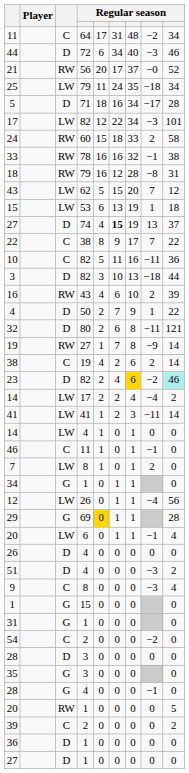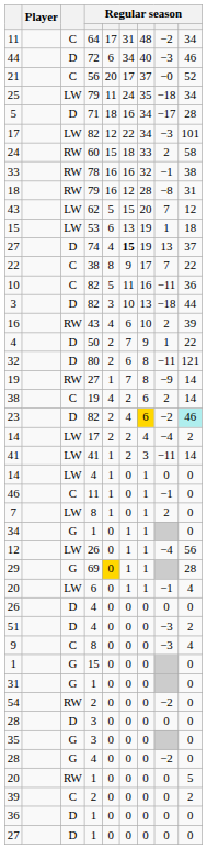 <table class="wikitable sortable plainrowheaders" style="text-align:center;">
 <tr>
 <th scope="col" data-sort-type="number" rowspan="2"></th>
 <th scope="col" rowspan="2">Player</th>
 <th scope="col" rowspan="2"></th>
 <th scope=colgroup colspan=6>Regular season</th>
 </tr>
 <tr>
 <th scope="col" data-sort-type="number"></th>
 <th scope="col" data-sort-type="number"></th>
 <th scope="col" data-sort-type="number"></th>
 <th scope="col" data-sort-type="number"></th>
 <th scope="col" data-sort-type="number"></th>
 <th scope="col" data-sort-type="number"></th>
 </tr>
 <tr>
 <td scope="row">11</td>
 <td align="left"></td>
 <td>C</td>
 <td>64</td>
 <td>17</td>
 <td>31</td>
 <td>48</td>
 <td>−2</td>
 <td>34</td>
 </tr>
 <tr>
 <td scope="row">44</td>
 <td align="left"></td>
 <td>D</td>
 <td>72</td>
 <td>6</td>
 <td>34</td>
 <td>40</td>
 <td>−3</td>
 <td>46</td>
 </tr>
 <tr>
 <td scope="row">21</td>
 <td align="left"></td>
-<td>RW</td>
+<td>C</td>
 <td>56</td>
 <td>20</td>
 <td>17</td>
 <td>37</td>
 <td>−0</td>
 <td>52</td>
 </tr>
 <tr>
 <td scope="row">25</td>
 <td align="left"></td>
 <td>LW</td>
 <td>79</td>
 <td>11</td>
 <td>24</td>
 <td>35</td>
 <td>−18</td>
 <td>34</td>
 </tr>
 <tr>
 <td scope="row">5</td>
 <td align="left"></td>
 <td>D</td>
 <td>71</td>
 <td>18</td>
 <td>16</td>
 <td>34</td>
 <td>−17</td>
 <td>28</td>
 </tr>
 <tr>
 <td scope="row">17</td>
 <td align="left"></td>
 <td>LW</td>
 <td>82</td>
 <td>12</td>
 <td>22</td>
 <td>34</td>
 <td>−3</td>
 <td>101</td>
 </tr>
 <tr>
 <td scope="row">24</td>
 <td align="left"></td>
 <td>RW</td>
 <td>60</td>
 <td>15</td>
 <td>18</td>
 <td>33</td>
 <td>2</td>
 <td>58</td>
 </tr>
 <tr>
 <td scope="row">33</td>
 <td align="left"></td>
 <td>RW</td>
 <td>78</td>
 <td>16</td>
 <td>16</td>
 <td>32</td>
 <td>−1</td>
 <td>38</td>
 </tr>
 <tr>
 <td scope="row">18</td>
 <td align="left"></td>
 <td>RW</td>
 <td>79</td>
 <td>16</td>
 <td>12</td>
 <td>28</td>
 <td>−8</td>
 <td>31</td>
 </tr>
 <tr>
 <td scope="row">43</td>
 <td align="left"></td>
 <td>LW</td>
 <td>62</td>
 <td>5</td>
 <td>15</td>
 <td>20</td>
 <td>7</td>
 <td>12</td>
 </tr>
 <tr>
 <td scope="row">15</td>
 <td align="left"></td>
 <td>LW</td>
 <td>53</td>
 <td>6</td>
 <td>13</td>
 <td>19</td>
 <td>1</td>
 <td>18</td>
 </tr>
 <tr>
 <td scope="row">27</td>
 <td align="left"></td>
 <td>D</td>
 <td>74</td>
 <td>4</td>
 <td><strong>15</strong></td>
 <td>19</td>
 <td>13</td>
 <td>37</td>
 </tr>
 <tr>
 <td scope="row">22</td>
 <td align="left"></td>
 <td>C</td>
 <td>38</td>
 <td>8</td>
 <td>9</td>
 <td>17</td>
 <td>7</td>
 <td>22</td>
 </tr>
 <tr>
 <td scope="row">10</td>
 <td align="left"></td>
 <td>C</td>
 <td>82</td>
 <td>5</td>
 <td>11</td>
 <td>16</td>
 <td>−11</td>
 <td>36</td>
 </tr>
 <tr>
 <td scope="row">3</td>
 <td align="left"></td>
 <td>D</td>
 <td>82</td>
 <td>3</td>
 <td>10</td>
 <td>13</td>
 <td>−18</td>
 <td>44</td>
 </tr>
 <tr>
 <td scope="row">16</td>
 <td align="left"></td>
 <td>RW</td>
 <td>43</td>
 <td>4</td>
 <td>6</td>
 <td>10</td>
 <td>2</td>
 <td>39</td>
 </tr>
 <tr>
 <td scope="row">4</td>
 <td align="left"></td>
 <td>D</td>
 <td>50</td>
 <td>2</td>
 <td>7</td>
 <td>9</td>
 <td>1</td>
 <td>22</td>
 </tr>
 <tr>
 <td scope="row">32</td>
 <td align="left"></td>
 <td>D</td>
 <td>80</td>
 <td>2</td>
 <td>6</td>
 <td>8</td>
 <td>−11</td>
 <td>121</td>
 </tr>
 <tr>
 <td scope="row">19</td>
 <td align="left"></td>
 <td>RW</td>
 <td>27</td>
 <td>1</td>
 <td>7</td>
 <td>8</td>
 <td>−9</td>
 <td>14</td>
 </tr>
 <tr>
 <td scope="row">38</td>
 <td align="left"></td>
 <td>C</td>
 <td>19</td>
 <td>4</td>
 <td>2</td>
 <td>6</td>
 <td>2</td>
 <td>14</td>
 </tr>
 <tr>
 <td scope="row">23</td>
 <td align="left"></td>
 <td>D</td>
 <td>82</td>
 <td>2</td>
 <td>4</td>
 <td style="background: gold;">6</td>
 <td>−2</td>
 <td style="background: paleturquoise;">46</td>
 </tr>
 <tr>
 <td scope="row">14</td>
 <td align="left"></td>
 <td>LW</td>
 <td>17</td>
 <td>2</td>
 <td>2</td>
 <td>4</td>
 <td>−4</td>
 <td>2</td>
 </tr>
 <tr>
 <td scope="row">41</td>
 <td align="left"></td>
 <td>LW</td>
 <td>41</td>
 <td>1</td>
 <td>2</td>
 <td>3</td>
 <td>−11</td>
 <td>14</td>
 </tr>
 <tr>
 <td scope="row">14</td>
 <td align="left"></td>
 <td>LW</td>
 <td>4</td>
 <td>1</td>
 <td>0</td>
 <td>1</td>
 <td>0</td>
 <td>0</td>
 </tr>
 <tr>
 <td scope="row">46</td>
 <td align="left"></td>
 <td>C</td>
 <td>11</td>
 <td>1</td>
 <td>0</td>
 <td>1</td>
 <td>−1</td>
 <td>0</td>
 </tr>
 <tr>
 <td scope="row">7</td>
 <td align="left"></td>
 <td>LW</td>
 <td>8</td>
 <td>1</td>
 <td>0</td>
 <td>1</td>
 <td>2</td>
 <td>0</td>
 </tr>
 <tr>
 <td scope="row">34</td>
 <td align="left"></td>
 <td>G</td>
 <td>1</td>
 <td>0</td>
 <td>1</td>
 <td>1</td>
 <td style="background:#ccc"></td>
 <td>0</td>
 </tr>
 <tr>
 <td scope="row">12</td>
 <td align="left"></td>
 <td>LW</td>
 <td>26</td>
 <td>0</td>
 <td>1</td>
 <td>1</td>
 <td>−4</td>
 <td>56</td>
 </tr>
 <tr>
 <td scope="row">29</td>
 <td align="left"></td>
 <td>G</td>
 <td>69</td>
 <td style="background: gold;">0</td>
 <td>1</td>
 <td>1</td>
 <td style="background:#ccc"></td>
 <td>28</td>
 </tr>
 <tr>
 <td scope="row">20</td>
 <td align="left"></td>
 <td>LW</td>
 <td>6</td>
 <td>0</td>
 <td>1</td>
 <td>1</td>
 <td>−1</td>
 <td>4</td>
 </tr>
 <tr>
 <td scope="row">26</td>
 <td align="left"></td>
 <td>D</td>
 <td>4</td>
 <td>0</td>
 <td>0</td>
 <td>0</td>
 <td>0</td>
 <td>0</td>
 </tr>
 <tr>
 <td scope="row">51</td>
 <td align="left"></td>
 <td>D</td>
 <td>4</td>
 <td>0</td>
 <td>0</td>
 <td>0</td>
 <td>−3</td>
 <td>2</td>
 </tr>
 <tr>
 <td scope="row">9</td>
 <td align="left"></td>
 <td>C</td>
 <td>8</td>
 <td>0</td>
 <td>0</td>
 <td>0</td>
 <td>−3</td>
 <td>4</td>
 </tr>
 <tr>
 <td scope="row">1</td>
 <td align="left"></td>
 <td>G</td>
 <td>15</td>
 <td>0</td>
 <td>0</td>
 <td>0</td>
 <td style="background:#ccc"></td>
 <td>0</td>
 </tr>
 <tr>
 <td scope="row">31</td>
 <td align="left"></td>
 <td>G</td>
 <td>1</td>
 <td>0</td>
 <td>0</td>
 <td>0</td>
 <td style="background:#ccc"></td>
 <td>0</td>
 </tr>
 <tr>
 <td scope="row">54</td>
 <td align="left"></td>
-<td>C</td>
+<td>RW</td>
 <td>2</td>
 <td>0</td>
 <td>0</td>
 <td>0</td>
 <td>−2</td>
 <td>0</td>
 </tr>
 <tr>
 <td scope="row">28</td>
 <td align="left"></td>
 <td>D</td>
 <td>3</td>
 <td>0</td>
 <td>0</td>
 <td>0</td>
 <td>0</td>
 <td>0</td>
 </tr>
 <tr>
 <td scope="row">35</td>
 <td align="left"></td>
 <td>G</td>
 <td>3</td>
 <td>0</td>
 <td>0</td>
 <td>0</td>
 <td style="background:#ccc"></td>
 <td>0</td>
 </tr>
 <tr>
 <td scope="row">28</td>
 <td align="left"></td>
 <td>G</td>
 <td>4</td>
 <td>0</td>
 <td>0</td>
 <td>0</td>
-<td>−1</td>
+<td>−2</td>
 <td>0</td>
 </tr>
 <tr>
 <td scope="row">20</td>
 <td align="left"></td>
 <td>RW</td>
 <td>1</td>
 <td>0</td>
 <td>0</td>
 <td>0</td>
 <td>0</td>
 <td>5</td>
 </tr>
 <tr>
 <td scope="row">39</td>
 <td align="left"></td>
 <td>C</td>
 <td>2</td>
 <td>0</td>
 <td>0</td>
 <td>0</td>
 <td>0</td>
 <td>2</td>
 </tr>
 <tr>
 <td scope="row">36</td>
 <td align="left"></td>
 <td>D</td>
 <td>1</td>
 <td>0</td>
 <td>0</td>
 <td>0</td>
 <td>0</td>
 <td>0</td>
 </tr>
 <tr>
 <td scope="row">27</td>
 <td align="left"></td>
 <td>D</td>
 <td>1</td>
 <td>0</td>
 <td>0</td>
 <td>0</td>
 <td>0</td>
 <td>0</td>
 </tr>
 </table>
